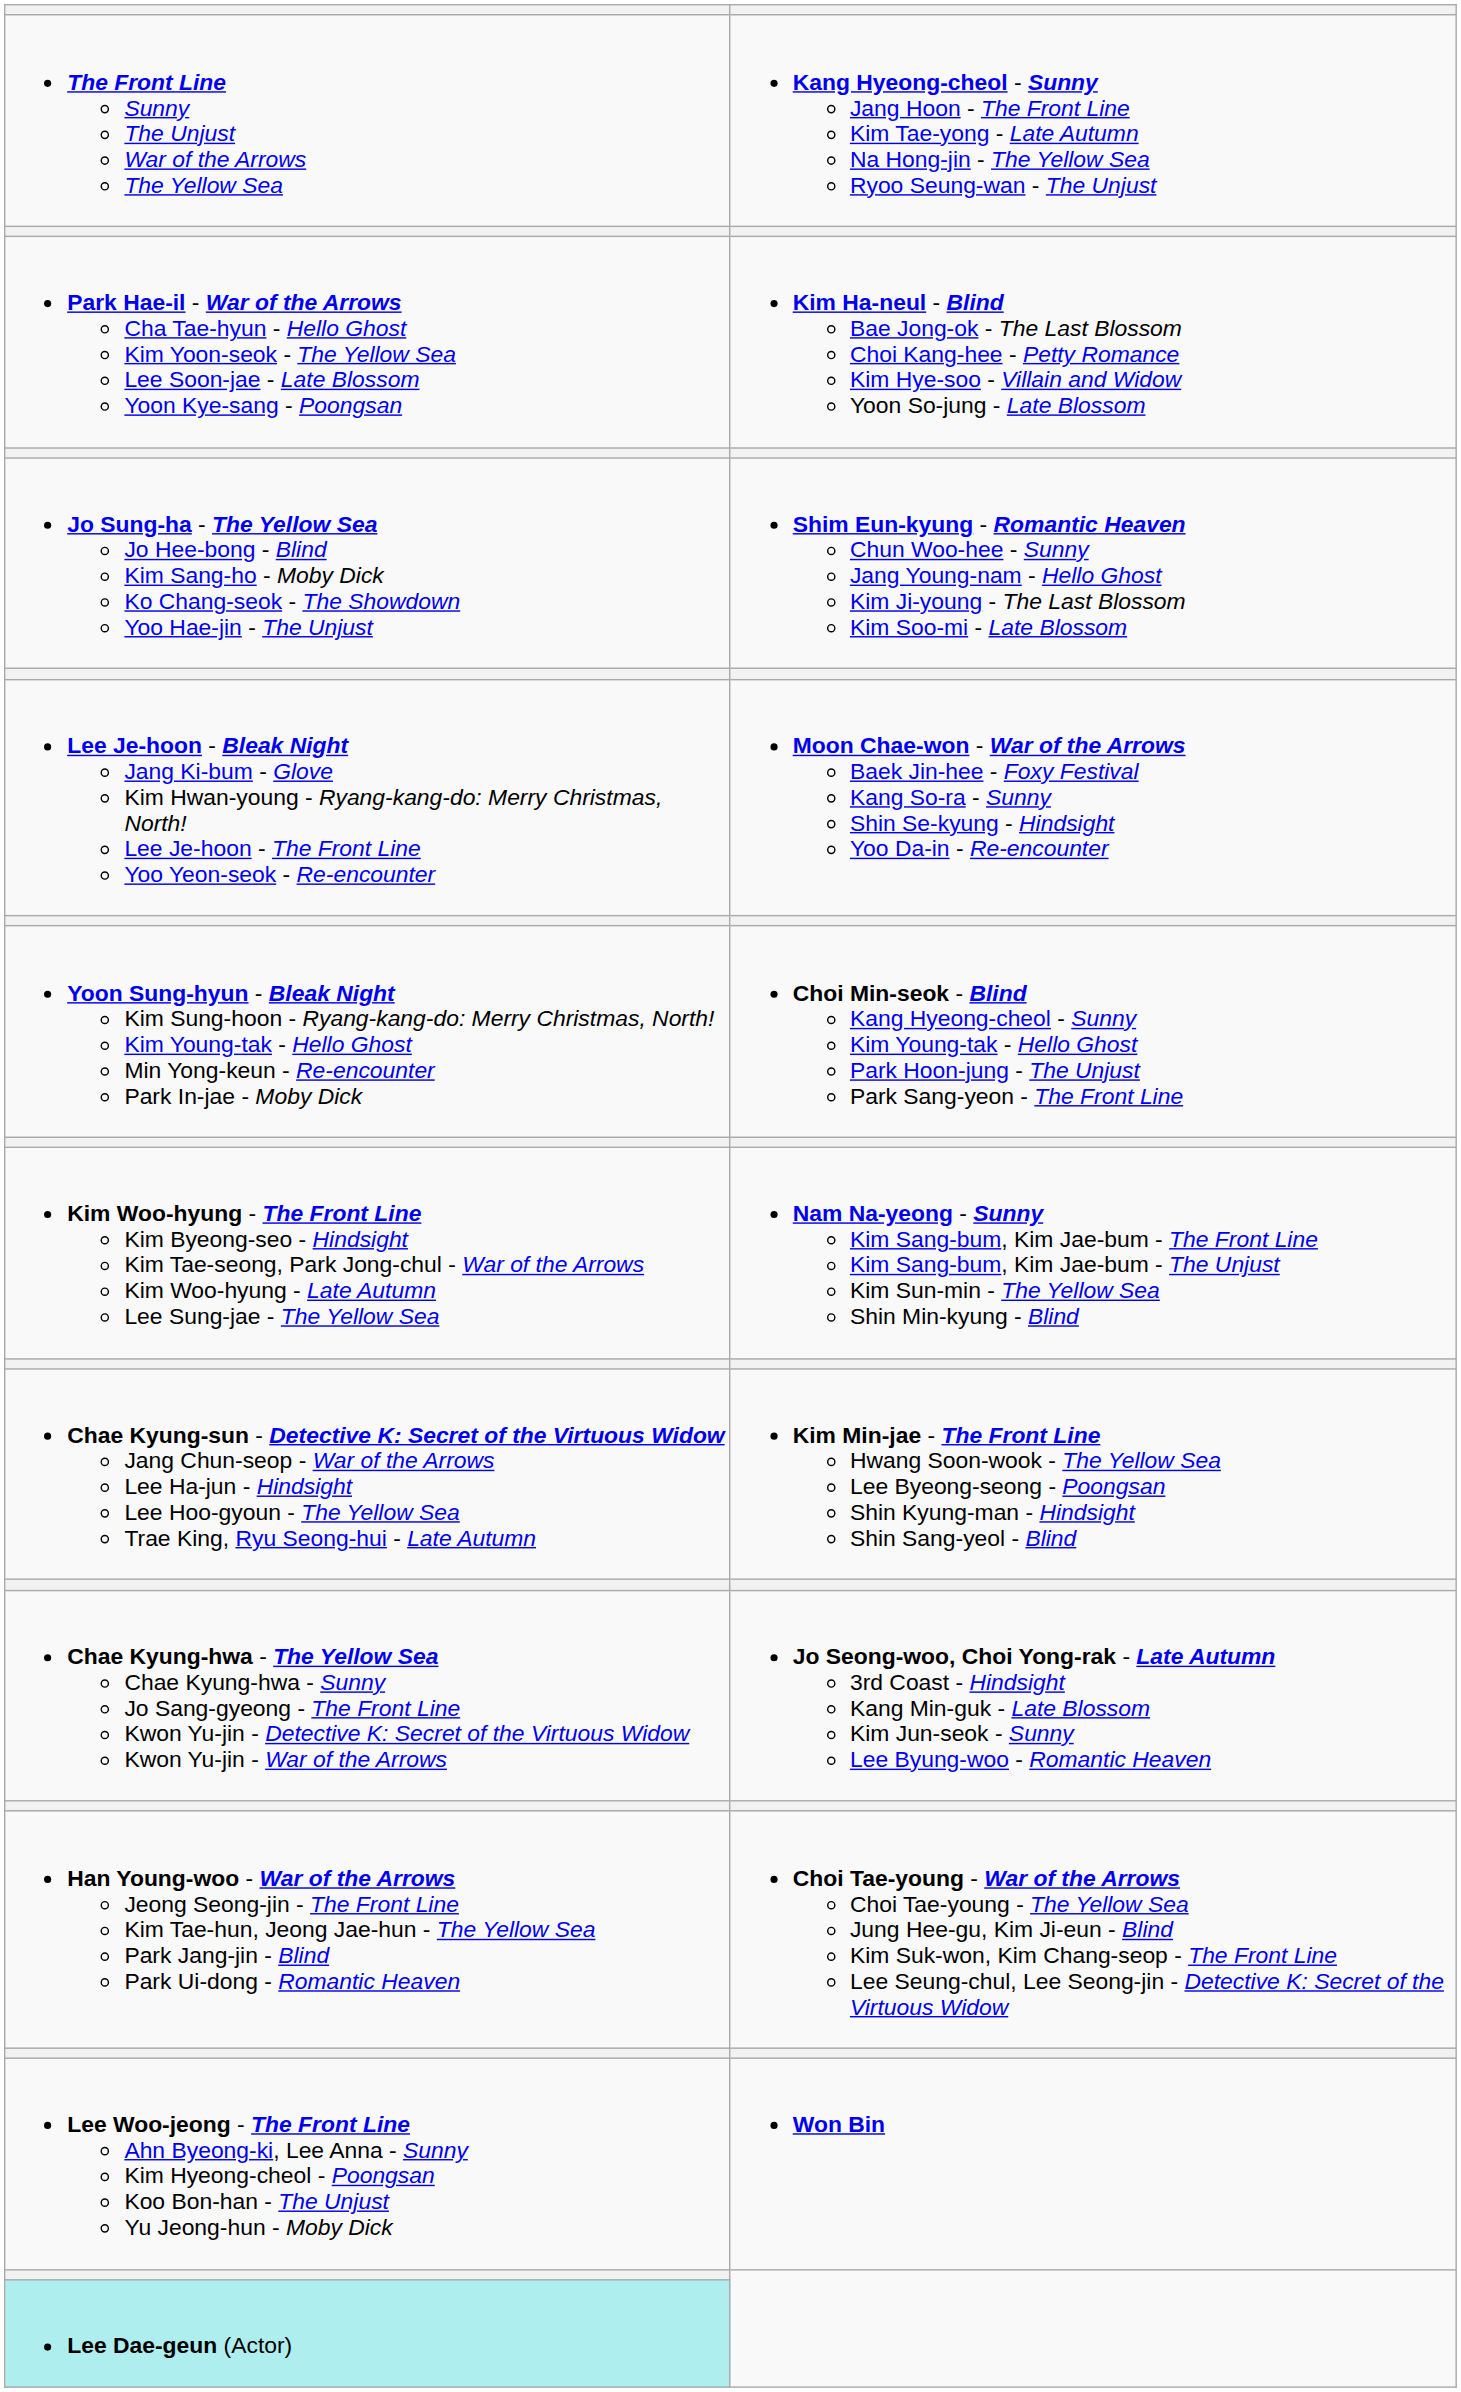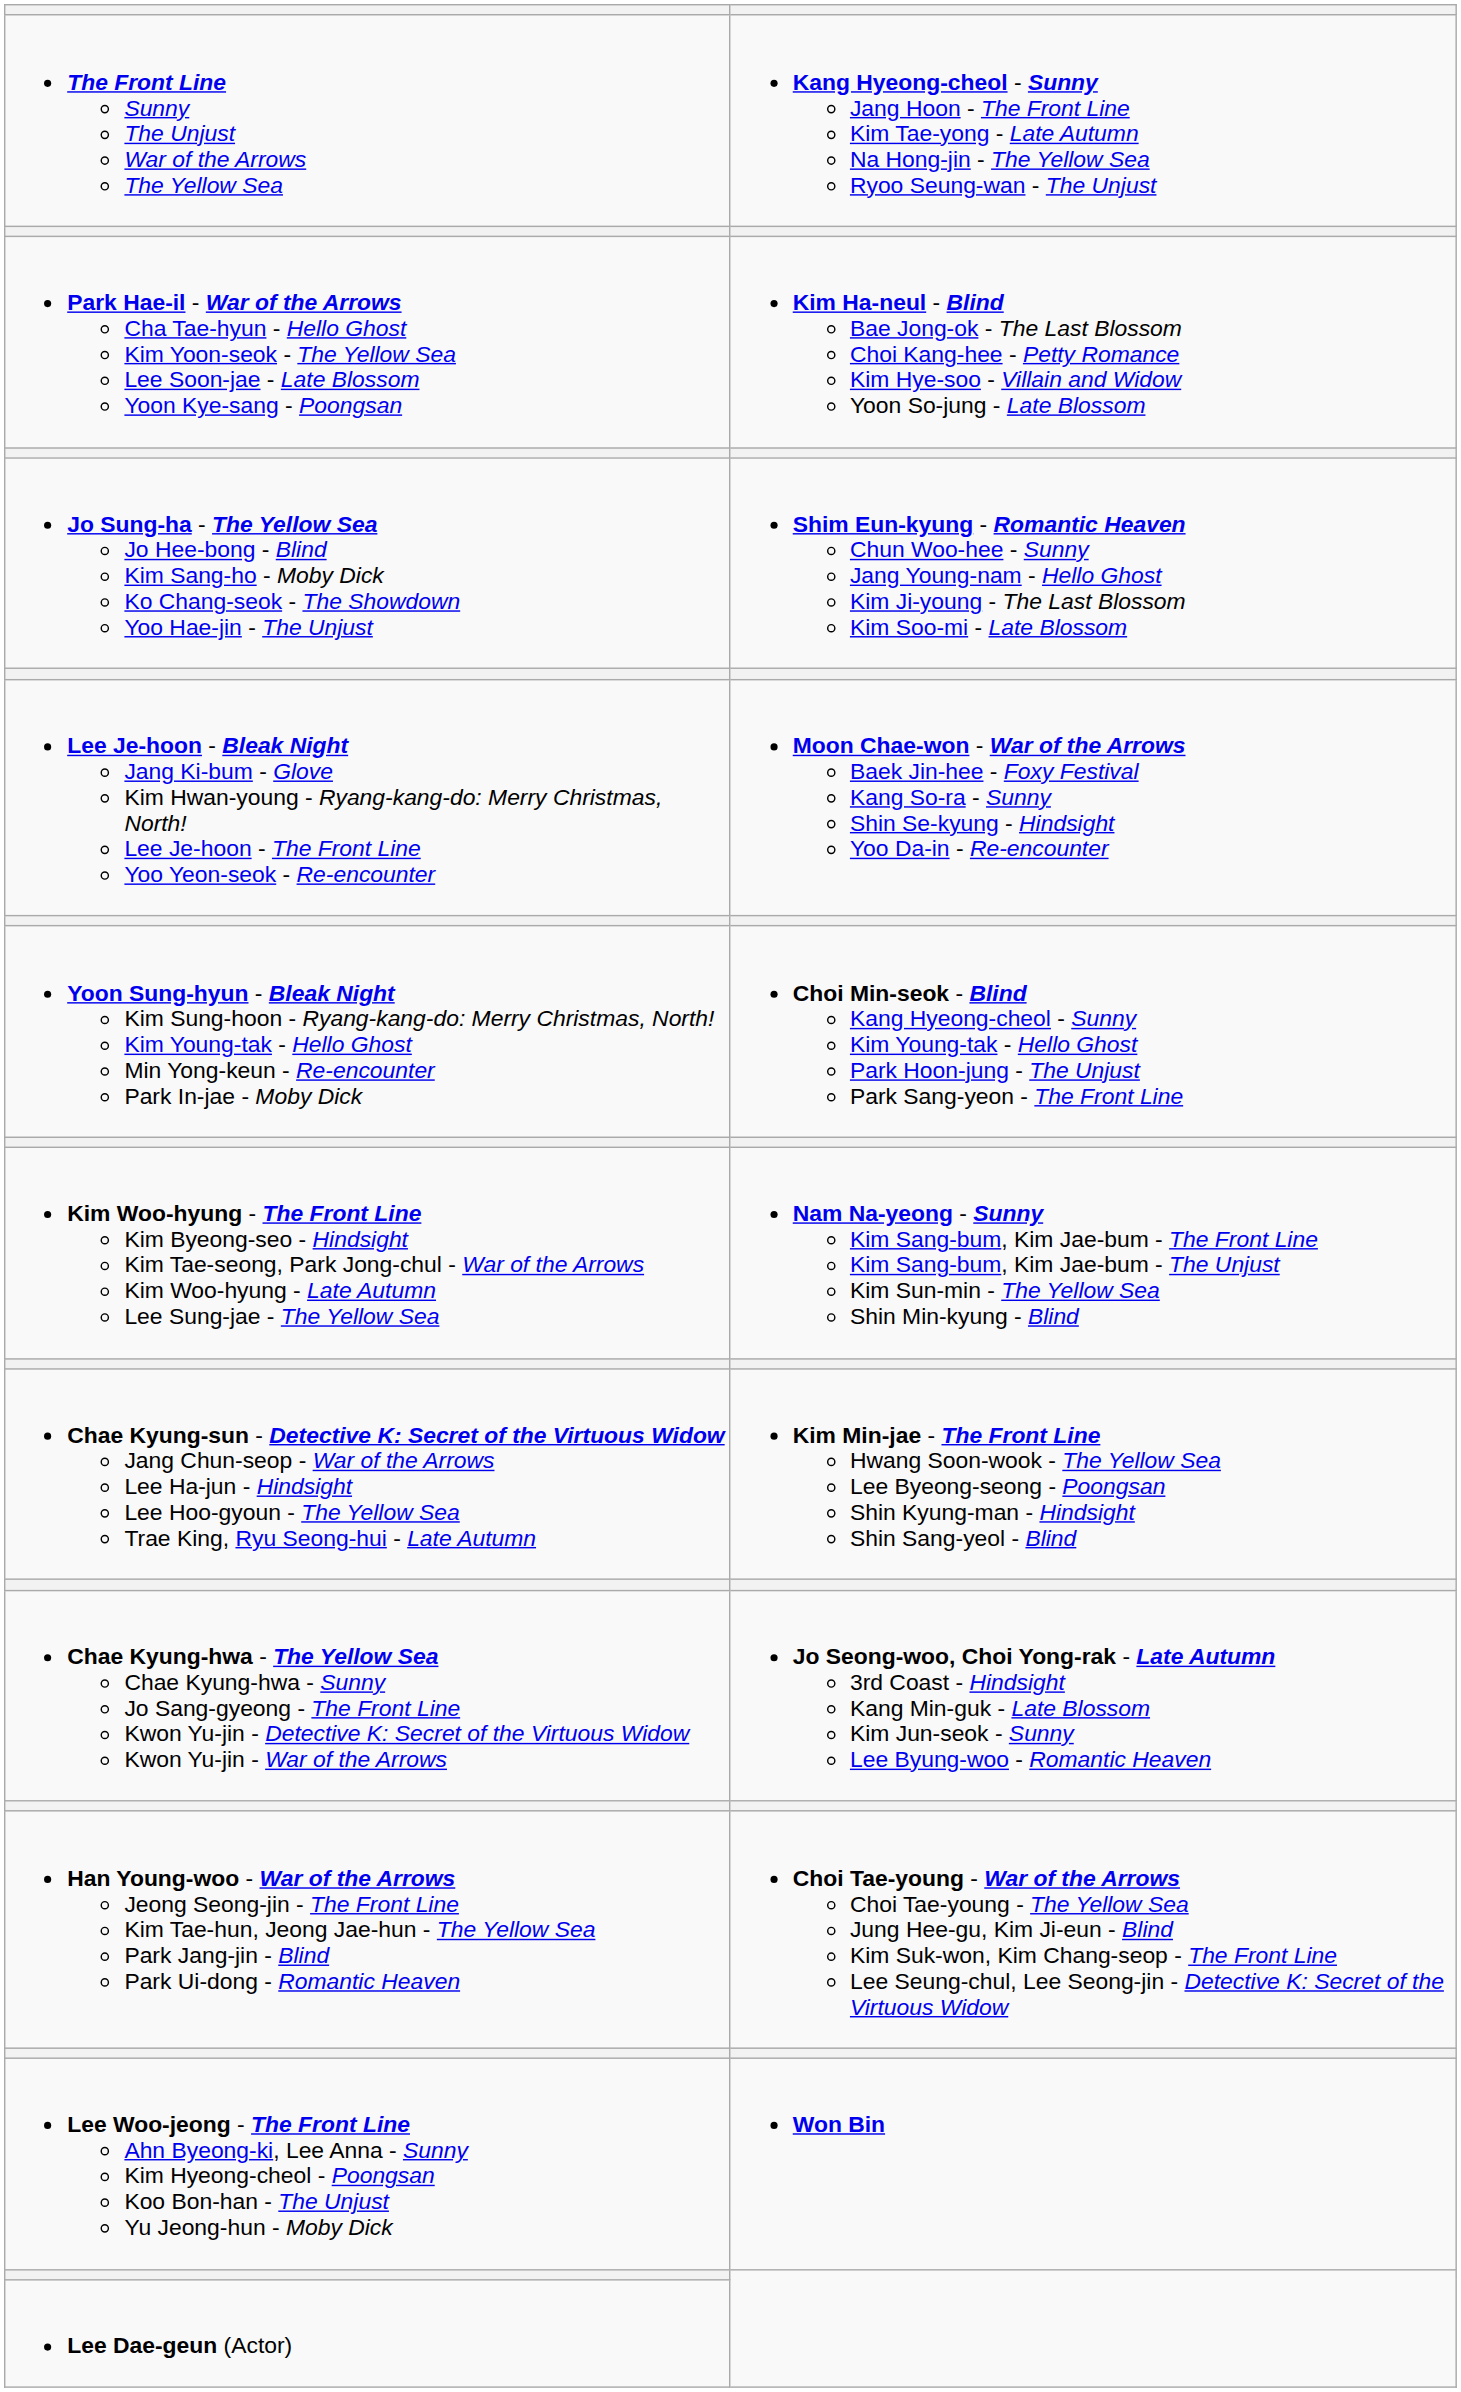 <table class="wikitable">
 <tr>
 <th style="width:500px;"></th>
 <th style="width:500px;"></th>
 </tr>
 <tr>
 <td valign="top"><br><ul><li><strong><em><a href='#'>The Front Line</a></em></strong><ul><li><em><a href='#'>Sunny</a></em></li><li><em><a href='#'>The Unjust</a></em></li><li><em><a href='#'>War of the Arrows</a></em></li><li><em><a href='#'>The Yellow Sea</a></em></li></ul></li></ul></td>
 <td valign="top"><br><ul><li><strong><a href='#'>Kang Hyeong-cheol</a></strong> - <strong><em><a href='#'>Sunny</a></em></strong><ul><li><a href='#'>Jang Hoon</a> - <em><a href='#'>The Front Line</a></em></li><li><a href='#'>Kim Tae-yong</a> - <em><a href='#'>Late Autumn</a></em></li><li><a href='#'>Na Hong-jin</a> - <em><a href='#'>The Yellow Sea</a></em></li><li><a href='#'>Ryoo Seung-wan</a> - <em><a href='#'>The Unjust</a></em></li></ul></li></ul></td>
 </tr>
 <tr>
 <th></th>
 <th></th>
 </tr>
 <tr>
 <td valign="top"><br><ul><li><strong><a href='#'>Park Hae-il</a></strong> - <strong><em><a href='#'>War of the Arrows</a></em></strong><ul><li><a href='#'>Cha Tae-hyun</a> - <em><a href='#'>Hello Ghost</a></em></li><li><a href='#'>Kim Yoon-seok</a> - <em><a href='#'>The Yellow Sea</a></em></li><li><a href='#'>Lee Soon-jae</a> - <em><a href='#'>Late Blossom</a></em></li><li><a href='#'>Yoon Kye-sang</a> - <em><a href='#'>Poongsan</a></em></li></ul></li></ul></td>
 <td valign="top"><br><ul><li><strong><a href='#'>Kim Ha-neul</a></strong> - <strong><em><a href='#'>Blind</a></em></strong><ul><li><a href='#'>Bae Jong-ok</a> - <em>The Last Blossom</em> </li><li><a href='#'>Choi Kang-hee</a> - <em><a href='#'>Petty Romance</a></em></li><li><a href='#'>Kim Hye-soo</a> - <em><a href='#'>Villain and Widow</a></em></li><li>Yoon So-jung - <em><a href='#'>Late Blossom</a></em></li></ul></li></ul></td>
 </tr>
 <tr>
 <th></th>
 <th></th>
 </tr>
 <tr>
 <td valign="top"><br><ul><li><strong><a href='#'>Jo Sung-ha</a></strong> - <strong><em><a href='#'>The Yellow Sea</a></em></strong><ul><li><a href='#'>Jo Hee-bong</a> - <em><a href='#'>Blind</a></em></li><li><a href='#'>Kim Sang-ho</a> - <em>Moby Dick</em></li><li><a href='#'>Ko Chang-seok</a> - <em><a href='#'>The Showdown</a></em></li><li><a href='#'>Yoo Hae-jin</a> - <em><a href='#'>The Unjust</a></em></li></ul></li></ul></td>
 <td valign="top"><br><ul><li><strong><a href='#'>Shim Eun-kyung</a></strong> - <strong><em><a href='#'>Romantic Heaven</a></em></strong><ul><li><a href='#'>Chun Woo-hee</a> - <em><a href='#'>Sunny</a></em></li><li><a href='#'>Jang Young-nam</a> - <em><a href='#'>Hello Ghost</a></em></li><li><a href='#'>Kim Ji-young</a> - <em>The Last Blossom</em> </li><li><a href='#'>Kim Soo-mi</a> - <em><a href='#'>Late Blossom</a></em></li></ul></li></ul></td>
 </tr>
 <tr>
 <th></th>
 <th></th>
 </tr>
 <tr>
 <td valign="top"><br><ul><li><strong><a href='#'>Lee Je-hoon</a></strong> - <strong><em><a href='#'>Bleak Night</a></em></strong><ul><li><a href='#'>Jang Ki-bum</a> - <em><a href='#'>Glove</a></em></li><li>Kim Hwan-young - <em>Ryang-kang-do: Merry Christmas, North!</em></li><li><a href='#'>Lee Je-hoon</a> - <em><a href='#'>The Front Line</a></em></li><li><a href='#'>Yoo Yeon-seok</a> - <em><a href='#'>Re-encounter</a></em></li></ul></li></ul></td>
 <td valign="top"><br><ul><li><strong><a href='#'>Moon Chae-won</a></strong> - <strong><em><a href='#'>War of the Arrows</a></em></strong><ul><li><a href='#'>Baek Jin-hee</a> - <em><a href='#'>Foxy Festival</a></em></li><li><a href='#'>Kang So-ra</a> - <em><a href='#'>Sunny</a></em></li><li><a href='#'>Shin Se-kyung</a> - <em><a href='#'>Hindsight</a></em></li><li><a href='#'>Yoo Da-in</a> - <em><a href='#'>Re-encounter</a></em></li></ul></li></ul></td>
 </tr>
 <tr>
 <th></th>
 <th></th>
 </tr>
 <tr>
 <td valign="top"><br><ul><li><strong><a href='#'>Yoon Sung-hyun</a></strong>  - <strong><em><a href='#'>Bleak Night</a></em></strong><ul><li>Kim Sung-hoon - <em>Ryang-kang-do: Merry Christmas, North!</em></li><li><a href='#'>Kim Young-tak</a> - <em><a href='#'>Hello Ghost</a></em></li><li>Min Yong-keun - <em><a href='#'>Re-encounter</a></em></li><li>Park In-jae - <em>Moby Dick</em></li></ul></li></ul></td>
 <td valign="top"><br><ul><li><strong>Choi Min-seok</strong> - <strong><em><a href='#'>Blind</a></em></strong><ul><li><a href='#'>Kang Hyeong-cheol</a> - <em><a href='#'>Sunny</a></em></li><li><a href='#'>Kim Young-tak</a> - <em><a href='#'>Hello Ghost</a></em></li><li><a href='#'>Park Hoon-jung</a> - <em><a href='#'>The Unjust</a></em></li><li>Park Sang-yeon - <em><a href='#'>The Front Line</a></em></li></ul></li></ul></td>
 </tr>
 <tr>
 <th></th>
 <th></th>
 </tr>
 <tr>
 <td valign="top"><br><ul><li><strong>Kim Woo-hyung</strong> - <strong><em><a href='#'>The Front Line</a></em></strong><ul><li>Kim Byeong-seo - <em><a href='#'>Hindsight</a></em></li><li>Kim Tae-seong, Park Jong-chul - <em><a href='#'>War of the Arrows</a></em></li><li>Kim Woo-hyung - <em><a href='#'>Late Autumn</a></em></li><li>Lee Sung-jae - <em><a href='#'>The Yellow Sea</a></em></li></ul></li></ul></td>
 <td valign="top"><br><ul><li><strong><a href='#'>Nam Na-yeong</a></strong> - <strong><em><a href='#'>Sunny</a></em></strong><ul><li><a href='#'>Kim Sang-bum</a>, Kim Jae-bum - <em><a href='#'>The Front Line</a></em></li><li><a href='#'>Kim Sang-bum</a>, Kim Jae-bum - <em><a href='#'>The Unjust</a></em></li><li>Kim Sun-min - <em><a href='#'>The Yellow Sea</a></em></li><li>Shin Min-kyung - <em><a href='#'>Blind</a></em></li></ul></li></ul></td>
 </tr>
 <tr>
 <th></th>
 <th></th>
 </tr>
 <tr>
 <td valign="top"><br><ul><li><strong>Chae Kyung-sun</strong> - <strong><em><a href='#'>Detective K: Secret of the Virtuous Widow</a></em></strong><ul><li>Jang Chun-seop - <em><a href='#'>War of the Arrows</a></em></li><li>Lee Ha-jun - <em><a href='#'>Hindsight</a></em></li><li>Lee Hoo-gyoun - <em><a href='#'>The Yellow Sea</a></em></li><li>Trae King, <a href='#'>Ryu Seong-hui</a> - <em><a href='#'>Late Autumn</a></em></li></ul></li></ul></td>
 <td valign="top"><br><ul><li><strong>Kim Min-jae</strong> - <strong><em><a href='#'>The Front Line</a></em></strong><ul><li>Hwang Soon-wook - <em><a href='#'>The Yellow Sea</a></em></li><li>Lee Byeong-seong - <em><a href='#'>Poongsan</a></em></li><li>Shin Kyung-man - <em><a href='#'>Hindsight</a></em></li><li>Shin Sang-yeol - <em><a href='#'>Blind</a></em></li></ul></li></ul></td>
 </tr>
 <tr>
 <th></th>
 <th></th>
 </tr>
 <tr>
 <td valign="top"><br><ul><li><strong>Chae Kyung-hwa</strong> - <strong><em><a href='#'>The Yellow Sea</a></em></strong><ul><li>Chae Kyung-hwa - <em><a href='#'>Sunny</a></em></li><li>Jo Sang-gyeong - <em><a href='#'>The Front Line</a></em></li><li>Kwon Yu-jin - <em><a href='#'>Detective K: Secret of the Virtuous Widow</a></em></li><li>Kwon Yu-jin - <em><a href='#'>War of the Arrows</a></em></li></ul></li></ul></td>
 <td valign="top"><br><ul><li><strong>Jo Seong-woo, Choi Yong-rak</strong> - <strong><em><a href='#'>Late Autumn</a></em></strong><ul><li>3rd Coast - <em><a href='#'>Hindsight</a></em></li><li>Kang Min-guk - <em><a href='#'>Late Blossom</a></em></li><li>Kim Jun-seok - <em><a href='#'>Sunny</a></em></li><li><a href='#'>Lee Byung-woo</a> - <em><a href='#'>Romantic Heaven</a></em></li></ul></li></ul></td>
 </tr>
 <tr>
 <th></th>
 <th></th>
 </tr>
 <tr>
 <td valign="top"><br><ul><li><strong>Han Young-woo</strong> - <strong><em><a href='#'>War of the Arrows</a></em></strong><ul><li>Jeong Seong-jin - <em><a href='#'>The Front Line</a></em></li><li>Kim Tae-hun, Jeong Jae-hun - <em><a href='#'>The Yellow Sea</a></em></li><li>Park Jang-jin - <em><a href='#'>Blind</a></em></li><li>Park Ui-dong - <em><a href='#'>Romantic Heaven</a></em></li></ul></li></ul></td>
 <td valign="top"><br><ul><li><strong>Choi Tae-young</strong> - <strong><em><a href='#'>War of the Arrows</a></em></strong><ul><li>Choi Tae-young - <em><a href='#'>The Yellow Sea</a></em></li><li>Jung Hee-gu, Kim Ji-eun - <em><a href='#'>Blind</a></em></li><li>Kim Suk-won, Kim Chang-seop - <em><a href='#'>The Front Line</a></em></li><li>Lee Seung-chul, Lee Seong-jin - <em><a href='#'>Detective K: Secret of the Virtuous Widow</a></em></li></ul></li></ul></td>
 </tr>
 <tr>
 <th></th>
 <th></th>
 </tr>
 <tr>
 <td valign="top"><br><ul><li><strong>Lee Woo-jeong</strong> - <strong><em><a href='#'>The Front Line</a></em></strong><ul><li><a href='#'>Ahn Byeong-ki</a>, Lee Anna - <em><a href='#'>Sunny</a></em></li><li>Kim Hyeong-cheol - <em><a href='#'>Poongsan</a></em></li><li>Koo Bon-han - <em><a href='#'>The Unjust</a></em></li><li>Yu Jeong-hun - <em>Moby Dick</em></li></ul></li></ul></td>
 <td valign="top"><br><ul><li><strong><a href='#'>Won Bin</a></strong></li></ul></td>
 </tr>
 <tr>
 <th></th>
 </tr>
 <tr>
-<td valign="top" style="background: paleturquoise;"><br><ul><li><strong>Lee Dae-geun</strong> (Actor)</li></ul></td>
+<td valign="top"><br><ul><li><strong>Lee Dae-geun</strong> (Actor)</li></ul></td>
 </tr>
 </table>
